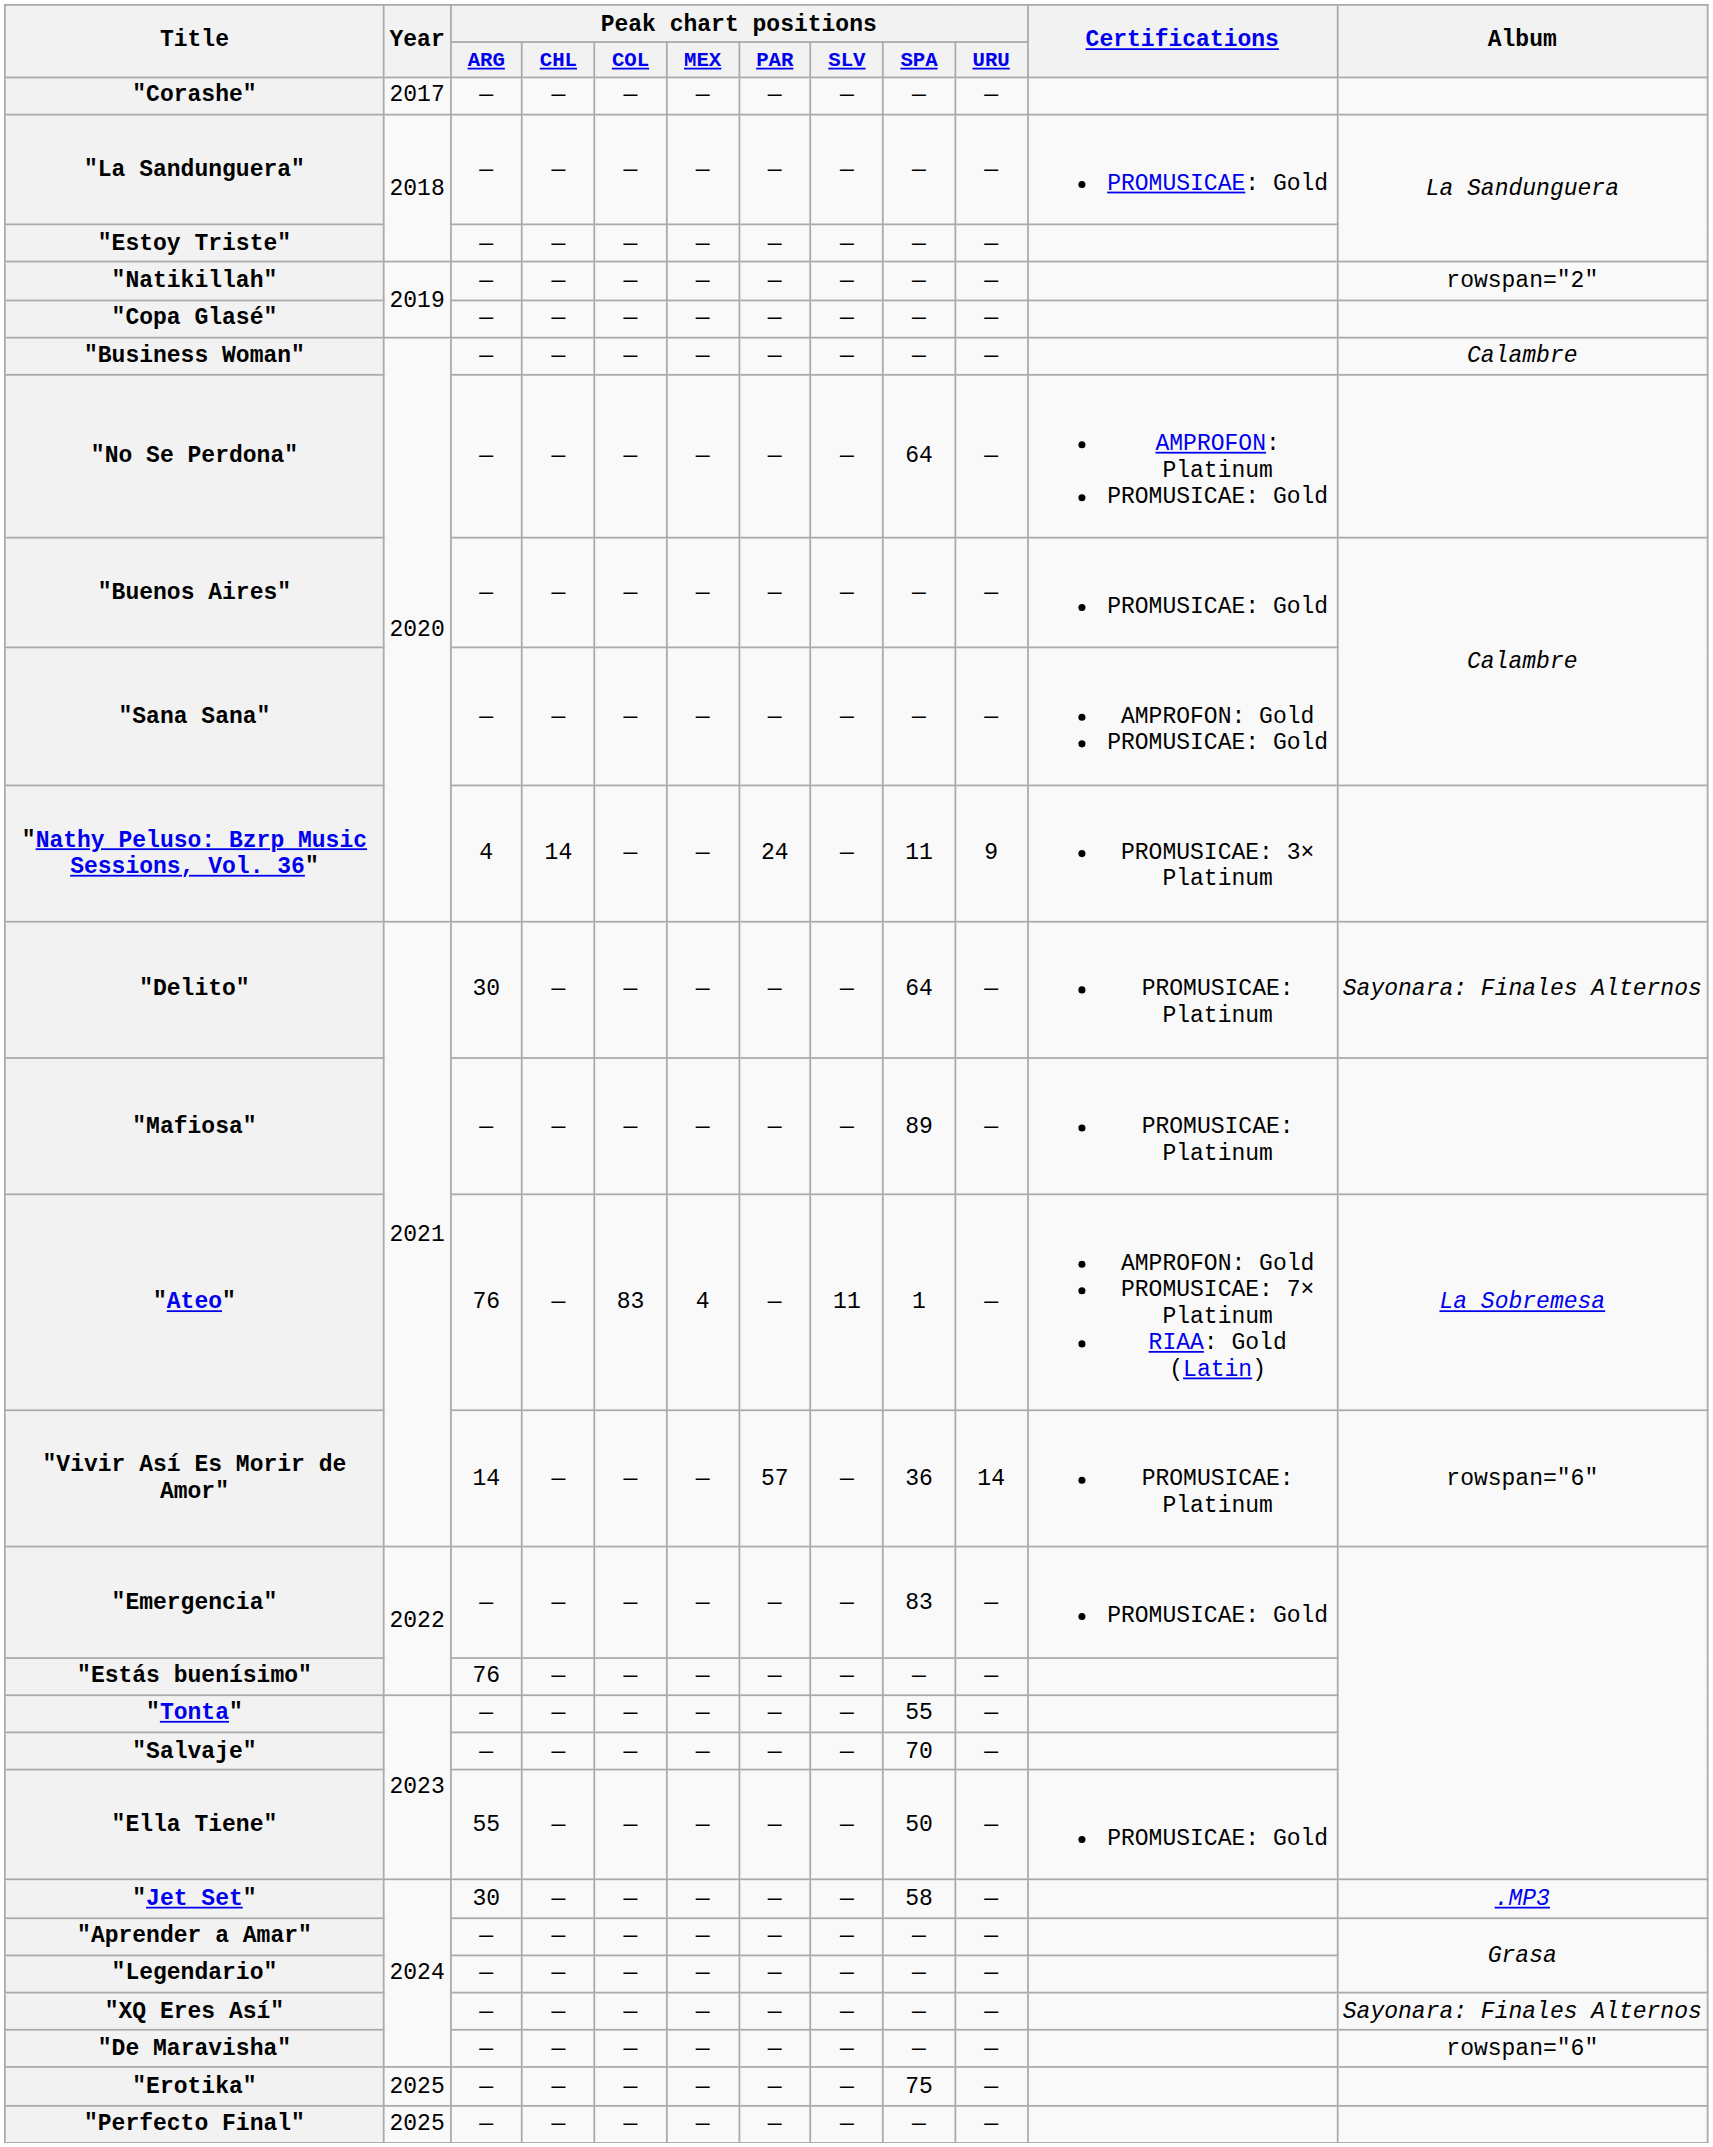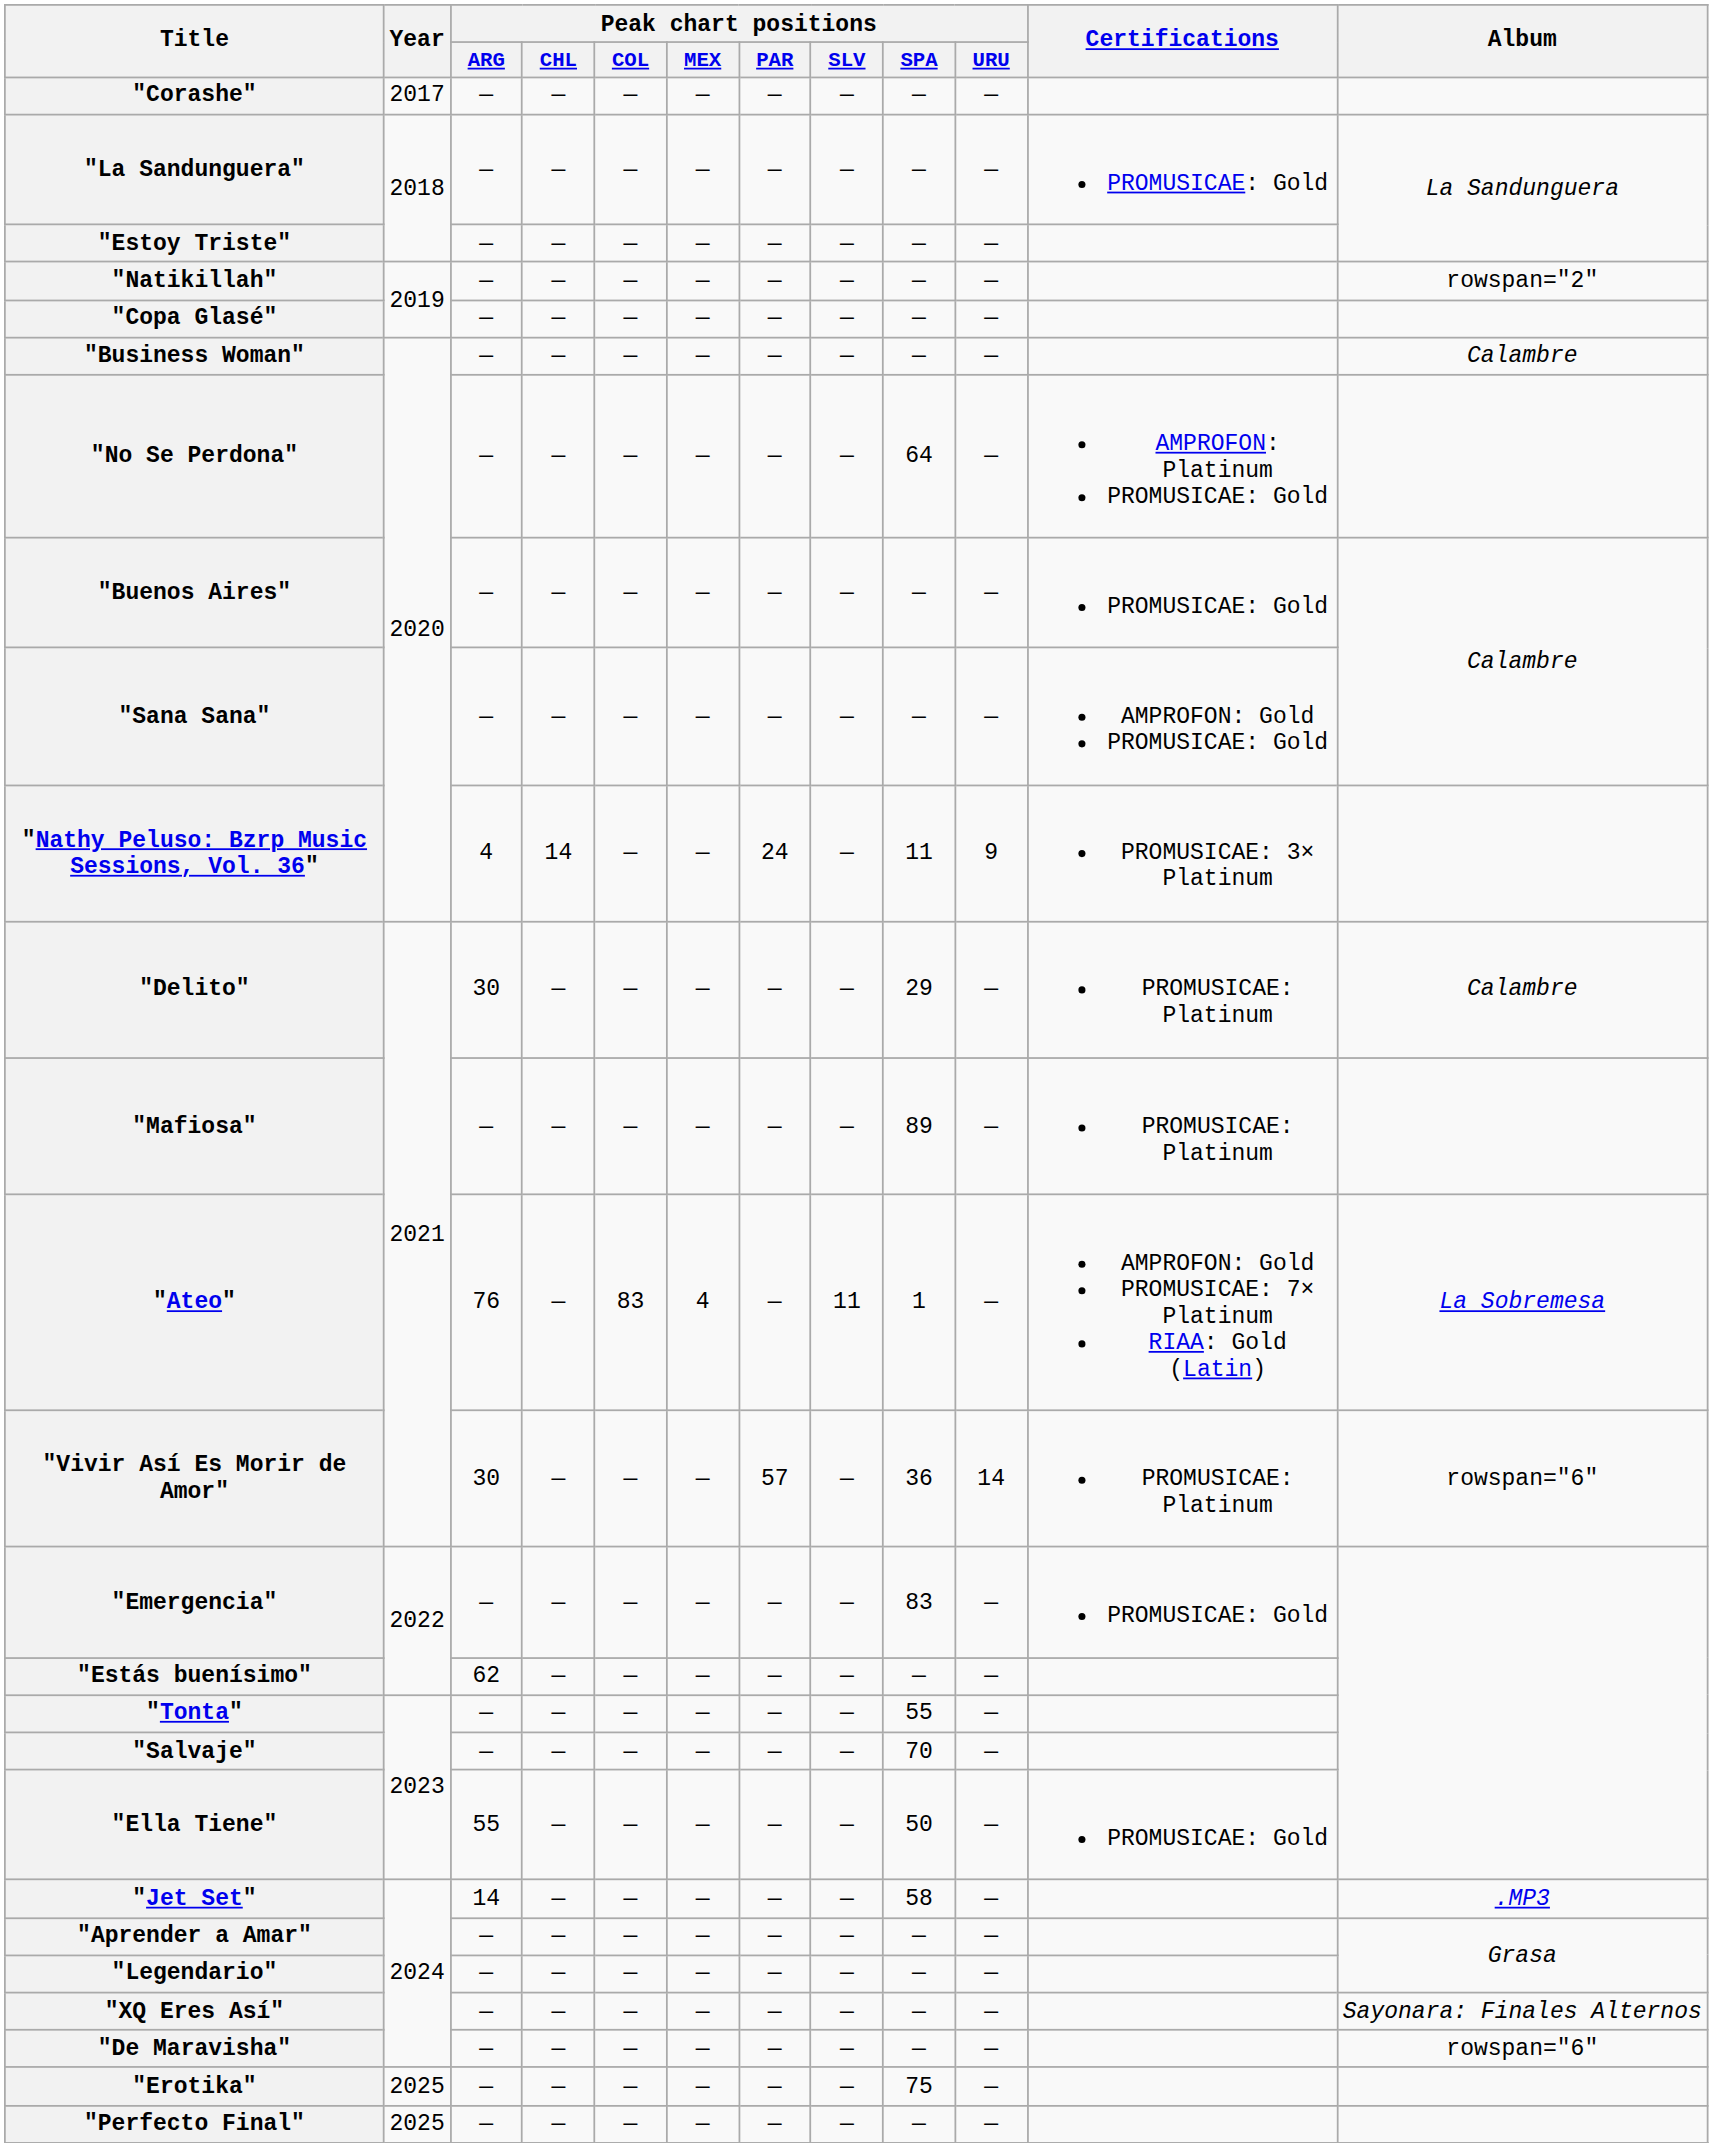 <table class="wikitable plainrowheaders" style="text-align:center">
 <tr>
 <th scope="col" rowspan="2" style="width:16em">Title</th>
 <th scope="col" rowspan="2" style="width:1em">Year</th>
 <th colspan="8" scope="col">Peak chart positions</th>
 <th scope="col" rowspan="2" style="width:13em"><a href='#'>Certifications</a></th>
 <th scope="col" rowspan="2">Album</th>
 </tr>
 <tr>
 <th scope="col" style="width:3em;font-size:90%"><a href='#'>ARG</a><br></th>
 <th scope="col" style="width:3em;font-size:90%"><a href='#'>CHL</a><br></th>
 <th scope="col" style="width:3em;font-size:90%"><a href='#'>COL</a><br></th>
 <th scope="col" style="width:3em;font-size:90%"><a href='#'>MEX</a><br></th>
 <th scope="col" style="width:3em;font-size:90%"><a href='#'>PAR</a><br></th>
 <th scope="col" style="width:3em;font-size:90%"><a href='#'>SLV</a><br></th>
 <th scope="col" style="width:3em;font-size:90%"><a href='#'>SPA</a><br></th>
 <th scope="col" style="width:3em;font-size:90%"><a href='#'>URU</a><br></th>
 </tr>
 <tr>
 <th scope="row">"Corashe"</th>
 <td>2017</td>
 <td>—</td>
 <td>—</td>
 <td>—</td>
 <td>—</td>
 <td>—</td>
 <td>—</td>
 <td>—</td>
 <td>—</td>
 <td></td>
 <td></td>
 </tr>
 <tr>
 <th scope="row">"La Sandunguera"</th>
 <td rowspan="2">2018</td>
 <td>—</td>
 <td>—</td>
 <td>—</td>
 <td>—</td>
 <td>—</td>
 <td>—</td>
 <td>—</td>
 <td>—</td>
 <td><br><ul><li><a href='#'>PROMUSICAE</a>: Gold</li></ul></td>
 <td rowspan="2"><em>La Sandunguera</em></td>
 </tr>
 <tr>
 <th scope="row">"Estoy Triste"</th>
 <td>—</td>
 <td>—</td>
 <td>—</td>
 <td>—</td>
 <td>—</td>
 <td>—</td>
 <td>—</td>
 <td>—</td>
 <td></td>
 </tr>
 <tr>
 <th scope="row">"Natikillah"</th>
 <td rowspan="2">2019</td>
 <td>—</td>
 <td>—</td>
 <td>—</td>
 <td>—</td>
 <td>—</td>
 <td>—</td>
 <td>—</td>
 <td>—</td>
 <td></td>
 <td>rowspan="2" </td>
 </tr>
 <tr>
 <th scope="row">"Copa Glasé"</th>
 <td>—</td>
 <td>—</td>
 <td>—</td>
 <td>—</td>
 <td>—</td>
 <td>—</td>
 <td>—</td>
 <td>—</td>
 <td></td>
 </tr>
 <tr>
 <th scope="row">"Business Woman"</th>
 <td rowspan="5">2020</td>
 <td>—</td>
 <td>—</td>
 <td>—</td>
 <td>—</td>
 <td>—</td>
 <td>—</td>
 <td>—</td>
 <td>—</td>
 <td></td>
 <td><em>Calambre</em></td>
 </tr>
 <tr>
 <th scope="row">"No Se Perdona"<br></th>
 <td>—</td>
 <td>—</td>
 <td>—</td>
 <td>—</td>
 <td>—</td>
 <td>—</td>
 <td>64</td>
 <td>—</td>
 <td><br><ul><li><a href='#'>AMPROFON</a>: Platinum</li><li>PROMUSICAE: Gold</li></ul></td>
 <td></td>
 </tr>
 <tr>
 <th scope="row">"Buenos Aires"</th>
 <td>—</td>
 <td>—</td>
 <td>—</td>
 <td>—</td>
 <td>—</td>
 <td>—</td>
 <td>—</td>
 <td>—</td>
 <td><br><ul><li>PROMUSICAE: Gold</li></ul></td>
 <td rowspan="2"><em>Calambre</em></td>
 </tr>
 <tr>
 <th scope="row">"Sana Sana"</th>
 <td>—</td>
 <td>—</td>
 <td>—</td>
 <td>—</td>
 <td>—</td>
 <td>—</td>
 <td>—</td>
 <td>—</td>
 <td><br><ul><li>AMPROFON: Gold</li><li>PROMUSICAE: Gold</li></ul></td>
 </tr>
 <tr>
 <th scope="row">"<a href='#'>Nathy Peluso: Bzrp Music Sessions, Vol. 36</a>"<br></th>
 <td>4</td>
 <td>14</td>
 <td>—</td>
 <td>—</td>
 <td>24</td>
 <td>—</td>
 <td>11</td>
 <td>9</td>
 <td><br><ul><li>PROMUSICAE: 3× Platinum</li></ul></td>
 <td></td>
 </tr>
 <tr>
 <th scope="row">"Delito"</th>
 <td rowspan="4">2021</td>
 <td>30</td>
 <td>—</td>
 <td>—</td>
 <td>—</td>
 <td>—</td>
 <td>—</td>
-<td>64</td>
+<td>29</td>
 <td>—</td>
 <td><br><ul><li>PROMUSICAE: Platinum</li></ul></td>
-<td><em>Sayonara: Finales Alternos</em></td>
+<td><em>Calambre</em></td>
 </tr>
 <tr>
 <th scope="row">"Mafiosa"</th>
 <td>—</td>
 <td>—</td>
 <td>—</td>
 <td>—</td>
 <td>—</td>
 <td>—</td>
 <td>89</td>
 <td>—</td>
 <td><br><ul><li>PROMUSICAE: Platinum</li></ul></td>
 <td></td>
 </tr>
 <tr>
 <th scope="row">"<a href='#'>Ateo</a>"<br></th>
 <td>76</td>
 <td>—</td>
 <td>83</td>
 <td>4</td>
 <td>—</td>
 <td>11</td>
 <td>1</td>
 <td>—</td>
 <td><br><ul><li>AMPROFON: Gold</li><li>PROMUSICAE: 7× Platinum</li><li><a href='#'>RIAA</a>: Gold <span>(<a href='#'>Latin</a>)</span></li></ul></td>
 <td><em><a href='#'>La Sobremesa</a></em></td>
 </tr>
 <tr>
 <th scope="row">"Vivir Así Es Morir de Amor"</th>
-<td>14</td>
+<td>30</td>
 <td>—</td>
 <td>—</td>
 <td>—</td>
 <td>57</td>
 <td>—</td>
 <td>36</td>
 <td>14</td>
 <td><br><ul><li>PROMUSICAE: Platinum</li></ul></td>
 <td>rowspan="6" </td>
 </tr>
 <tr>
 <th scope="row">"Emergencia"</th>
 <td rowspan="2">2022</td>
 <td>—</td>
 <td>—</td>
 <td>—</td>
 <td>—</td>
 <td>—</td>
 <td>—</td>
 <td>83</td>
 <td>—</td>
 <td><br><ul><li>PROMUSICAE: Gold</li></ul></td>
 </tr>
 <tr>
 <th scope="row">"Estás buenísimo"</th>
-<td>76</td>
+<td>62</td>
 <td>—</td>
 <td>—</td>
 <td>—</td>
 <td>—</td>
 <td>—</td>
 <td>—</td>
 <td>—</td>
 <td></td>
 </tr>
 <tr>
 <th scope="row">"<a href='#'>Tonta</a>"</th>
 <td rowspan="3">2023</td>
 <td>—</td>
 <td>—</td>
 <td>—</td>
 <td>—</td>
 <td>—</td>
 <td>—</td>
 <td>55</td>
 <td>—</td>
 <td></td>
 </tr>
 <tr>
 <th scope="row">"Salvaje"</th>
 <td>—</td>
 <td>—</td>
 <td>—</td>
 <td>—</td>
 <td>—</td>
 <td>—</td>
 <td>70</td>
 <td>—</td>
 <td></td>
 </tr>
 <tr>
 <th scope="row">"Ella Tiene"<br></th>
 <td>55</td>
 <td>—</td>
 <td>—</td>
 <td>—</td>
 <td>—</td>
 <td>—</td>
 <td>50</td>
 <td>—</td>
 <td><br><ul><li>PROMUSICAE: Gold</li></ul></td>
 </tr>
 <tr>
 <th scope="row">"<a href='#'>Jet Set</a>"<br></th>
 <td rowspan="5">2024</td>
-<td>30</td>
+<td>14</td>
 <td>—</td>
 <td>—</td>
 <td>—</td>
 <td>—</td>
 <td>—</td>
 <td>58</td>
 <td>—</td>
 <td></td>
 <td><em><a href='#'>.MP3</a></em></td>
 </tr>
 <tr>
 <th scope="row">"Aprender a Amar"</th>
 <td>—</td>
 <td>—</td>
 <td>—</td>
 <td>—</td>
 <td>—</td>
 <td>—</td>
 <td>—</td>
 <td>—</td>
 <td></td>
 <td rowspan="2"><em>Grasa</em></td>
 </tr>
 <tr>
 <th scope="row">"Legendario"</th>
 <td>—</td>
 <td>—</td>
 <td>—</td>
 <td>—</td>
 <td>—</td>
 <td>—</td>
 <td>—</td>
 <td>—</td>
 <td></td>
 </tr>
 <tr>
 <th scope="row">"XQ Eres Así" <br></th>
 <td>—</td>
 <td>—</td>
 <td>—</td>
 <td>—</td>
 <td>—</td>
 <td>—</td>
 <td>—</td>
 <td>—</td>
 <td></td>
 <td><em>Sayonara: Finales Alternos</em></td>
 </tr>
 <tr>
 <th scope="row">"De Maravisha" <br></th>
 <td>—</td>
 <td>—</td>
 <td>—</td>
 <td>—</td>
 <td>—</td>
 <td>—</td>
 <td>—</td>
 <td>—</td>
 <td></td>
 <td>rowspan="6" </td>
 </tr>
 <tr>
 <th scope="row">"Erotika"</th>
 <td>2025</td>
 <td>—</td>
 <td>—</td>
 <td>—</td>
 <td>—</td>
 <td>—</td>
 <td>—</td>
 <td>75</td>
 <td>—</td>
 <td></td>
 </tr>
 <tr>
 <th scope="row">"Perfecto Final"</th>
 <td>2025</td>
 <td>—</td>
 <td>—</td>
 <td>—</td>
 <td>—</td>
 <td>—</td>
 <td>—</td>
 <td>—</td>
 <td>—</td>
 <td></td>
 <td></td>
 </tr>
 <tr>
 </tr>
 </table>
